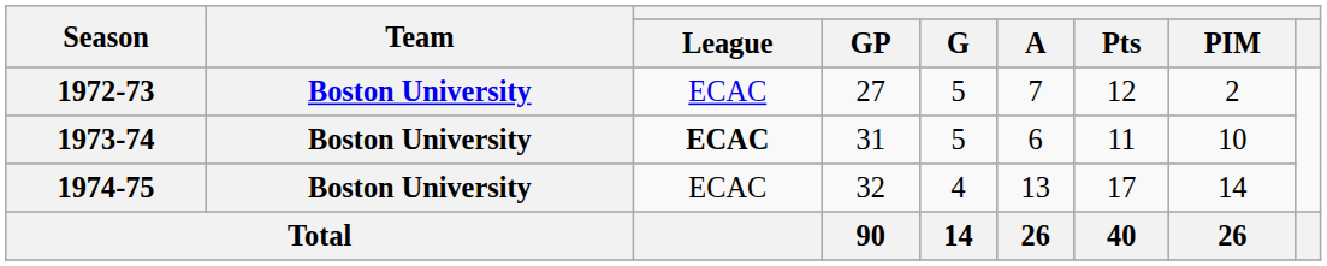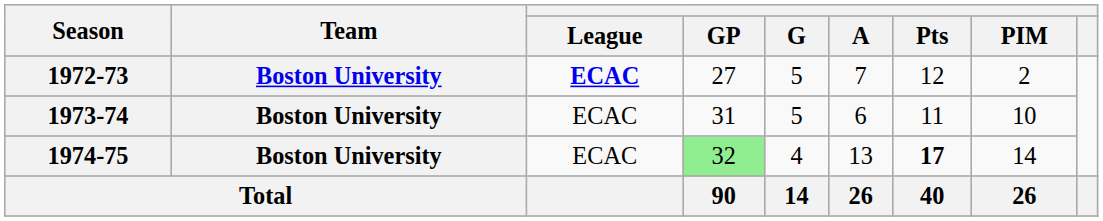 <table class="wikitable" style="font-size: 95%; text-align:center; width:45em;">
 <tr>
 <th rowspan="2">Season</th>
 <th rowspan="2">Team</th>
 <th colspan="7"></th>
 </tr>
 <tr>
 <th>League</th>
 <th>GP</th>
 <th>G</th>
 <th>A</th>
 <th>Pts</th>
 <th>PIM</th>
 <th></th>
 </tr>
 <tr>
 <th>1972-73</th>
 <th><a href='#'>Boston University</a></th>
-<td><a href='#'>ECAC</a></td>
+<td><strong><a href='#'>ECAC</a></strong></td>
 <td>27</td>
 <td>5</td>
 <td>7</td>
 <td>12</td>
 <td>2</td>
 </tr>
 <tr>
 <th>1973-74</th>
 <th>Boston University</th>
-<td><strong>ECAC</strong></td>
+<td>ECAC</td>
 <td>31</td>
 <td>5</td>
 <td>6</td>
 <td>11</td>
 <td>10</td>
 </tr>
 <tr>
 <th>1974-75</th>
 <th>Boston University</th>
 <td>ECAC</td>
-<td>32</td>
+<td style="background: lightgreen;">32</td>
 <td>4</td>
 <td>13</td>
-<td>17</td>
+<td><strong>17</strong></td>
 <td>14</td>
 </tr>
 <tr>
 <th colspan="2">Total</th>
 <th></th>
 <th>90</th>
 <th>14</th>
 <th>26</th>
 <th>40</th>
 <th>26</th>
 <th></th>
 </tr>
 </table>
